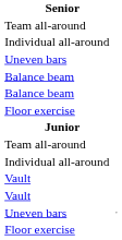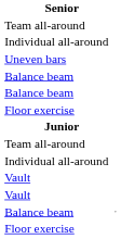 <table>
 <tr>
 <th colspan="4">Senior</th>
 </tr>
 <tr>
 <td>Team all-around</td>
 <td><br></td>
 <td><br></td>
 <td><br></td>
 </tr>
 <tr>
 <td>Individual all-around</td>
 <td></td>
 <td></td>
 <td></td>
 </tr>
 <tr>
 <td><a href='#'>Uneven bars</a></td>
 <td></td>
 <td></td>
 <td></td>
 </tr>
 <tr>
 <td><a href='#'>Balance beam</a></td>
 <td></td>
 <td></td>
 <td></td>
 </tr>
 <tr>
 <td><a href='#'>Balance beam</a></td>
 <td></td>
 <td></td>
 <td></td>
 </tr>
 <tr>
 <td><a href='#'>Floor exercise</a></td>
 <td></td>
 <td></td>
 <td></td>
 </tr>
 <tr>
 <th colspan="4">Junior</th>
 </tr>
 <tr>
 <td>Team all-around</td>
 <td><br></td>
 <td><br></td>
 <td><br></td>
 </tr>
 <tr>
 <td>Individual all-around</td>
 <td></td>
 <td></td>
 <td></td>
 </tr>
 <tr>
 <td><a href='#'>Vault</a></td>
 <td></td>
 <td></td>
 <td></td>
 </tr>
 <tr>
 <td><a href='#'>Vault</a></td>
 <td></td>
 <td></td>
 <td></td>
 </tr>
 <tr>
-<td><a href='#'>Uneven bars</a></td>
+<td><a href='#'>Balance beam</a></td>
 <td></td>
 <td><hr></td>
 <td></td>
 </tr>
 <tr>
 <td><a href='#'>Floor exercise</a></td>
 <td></td>
 <td></td>
 <td></td>
 </tr>
 </table>
